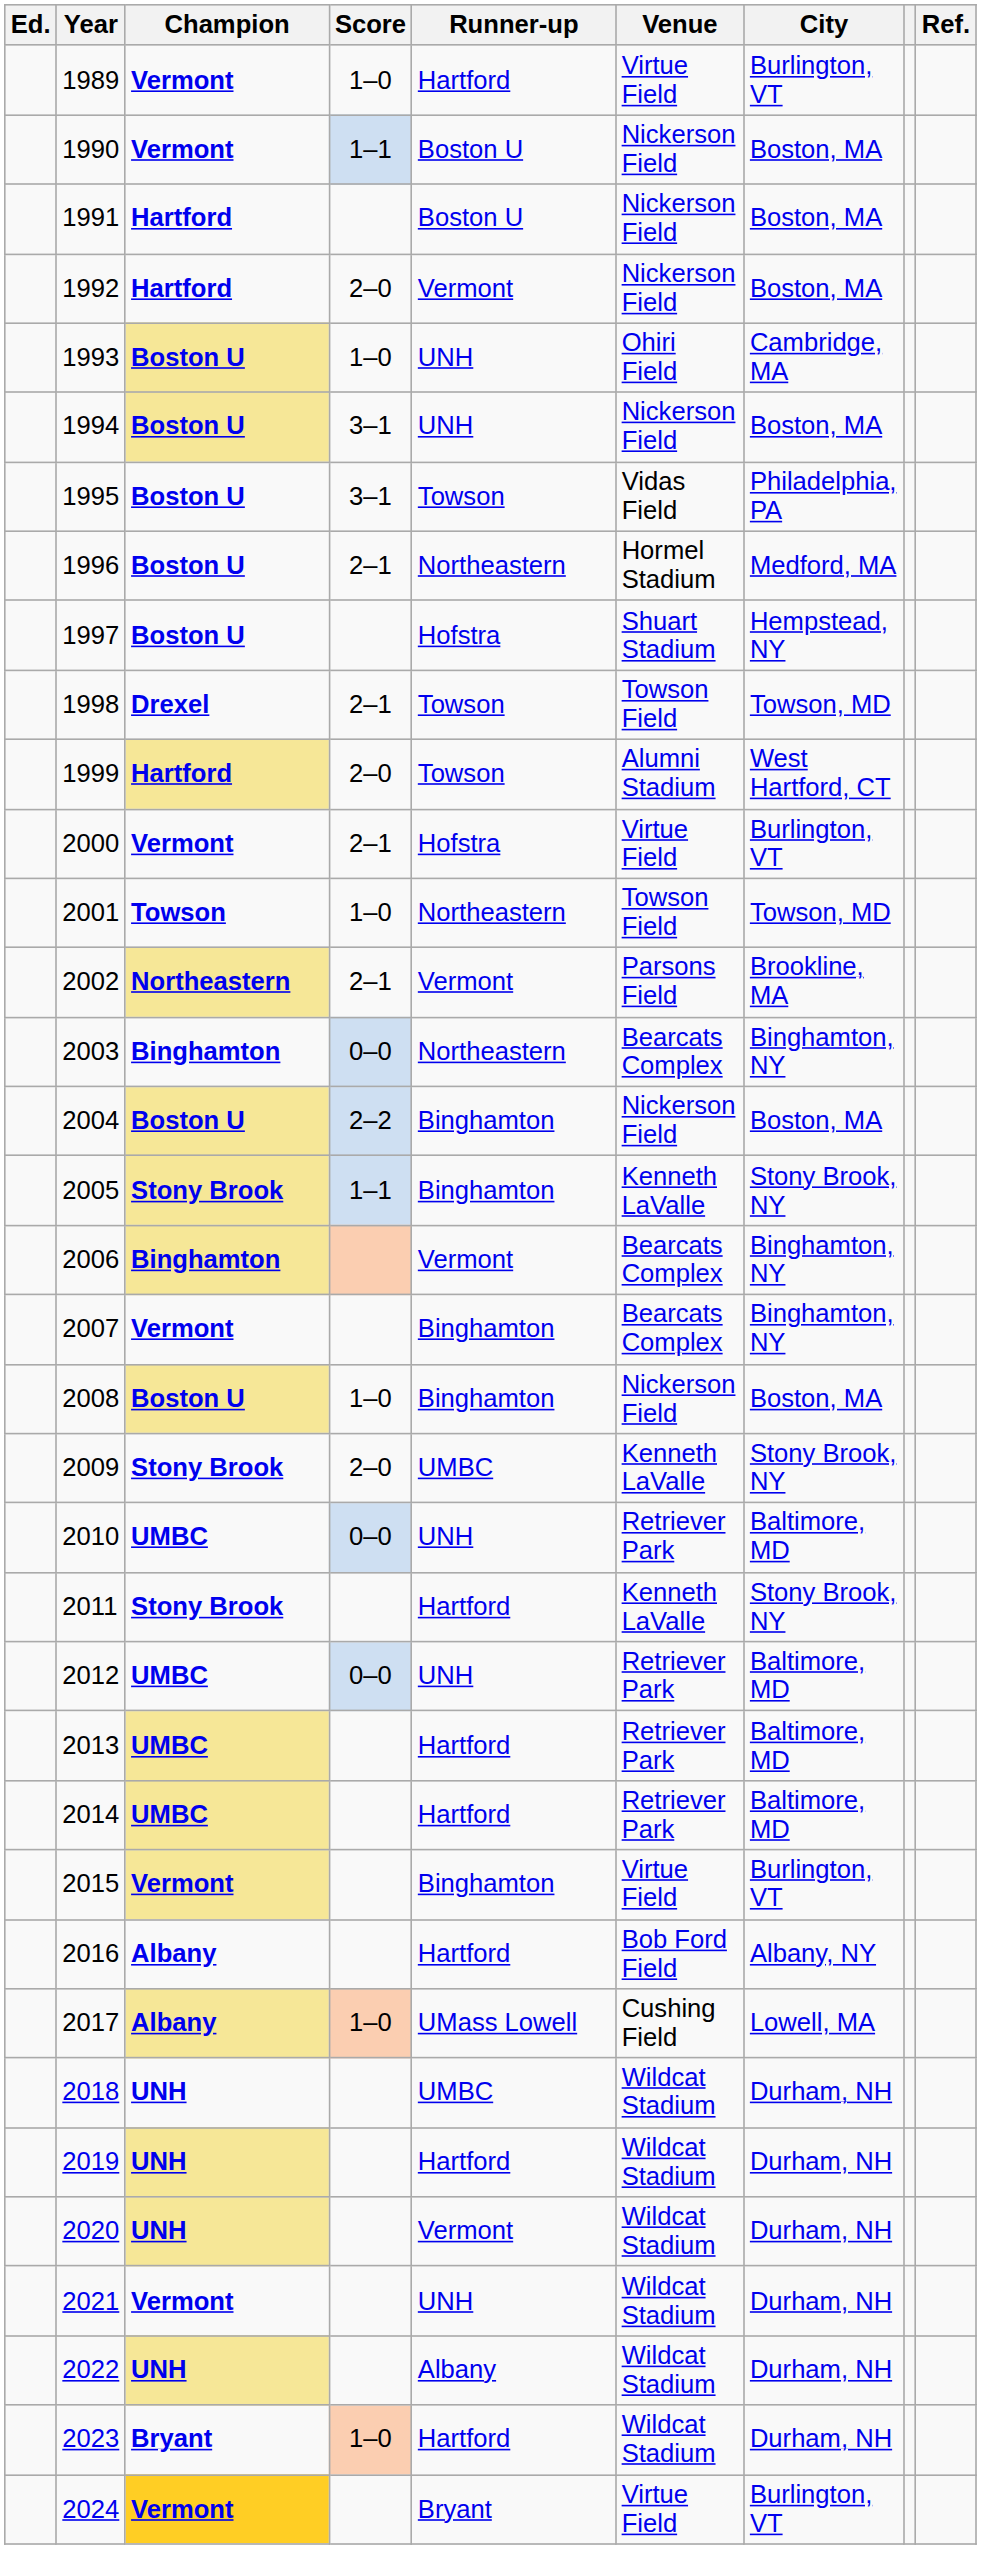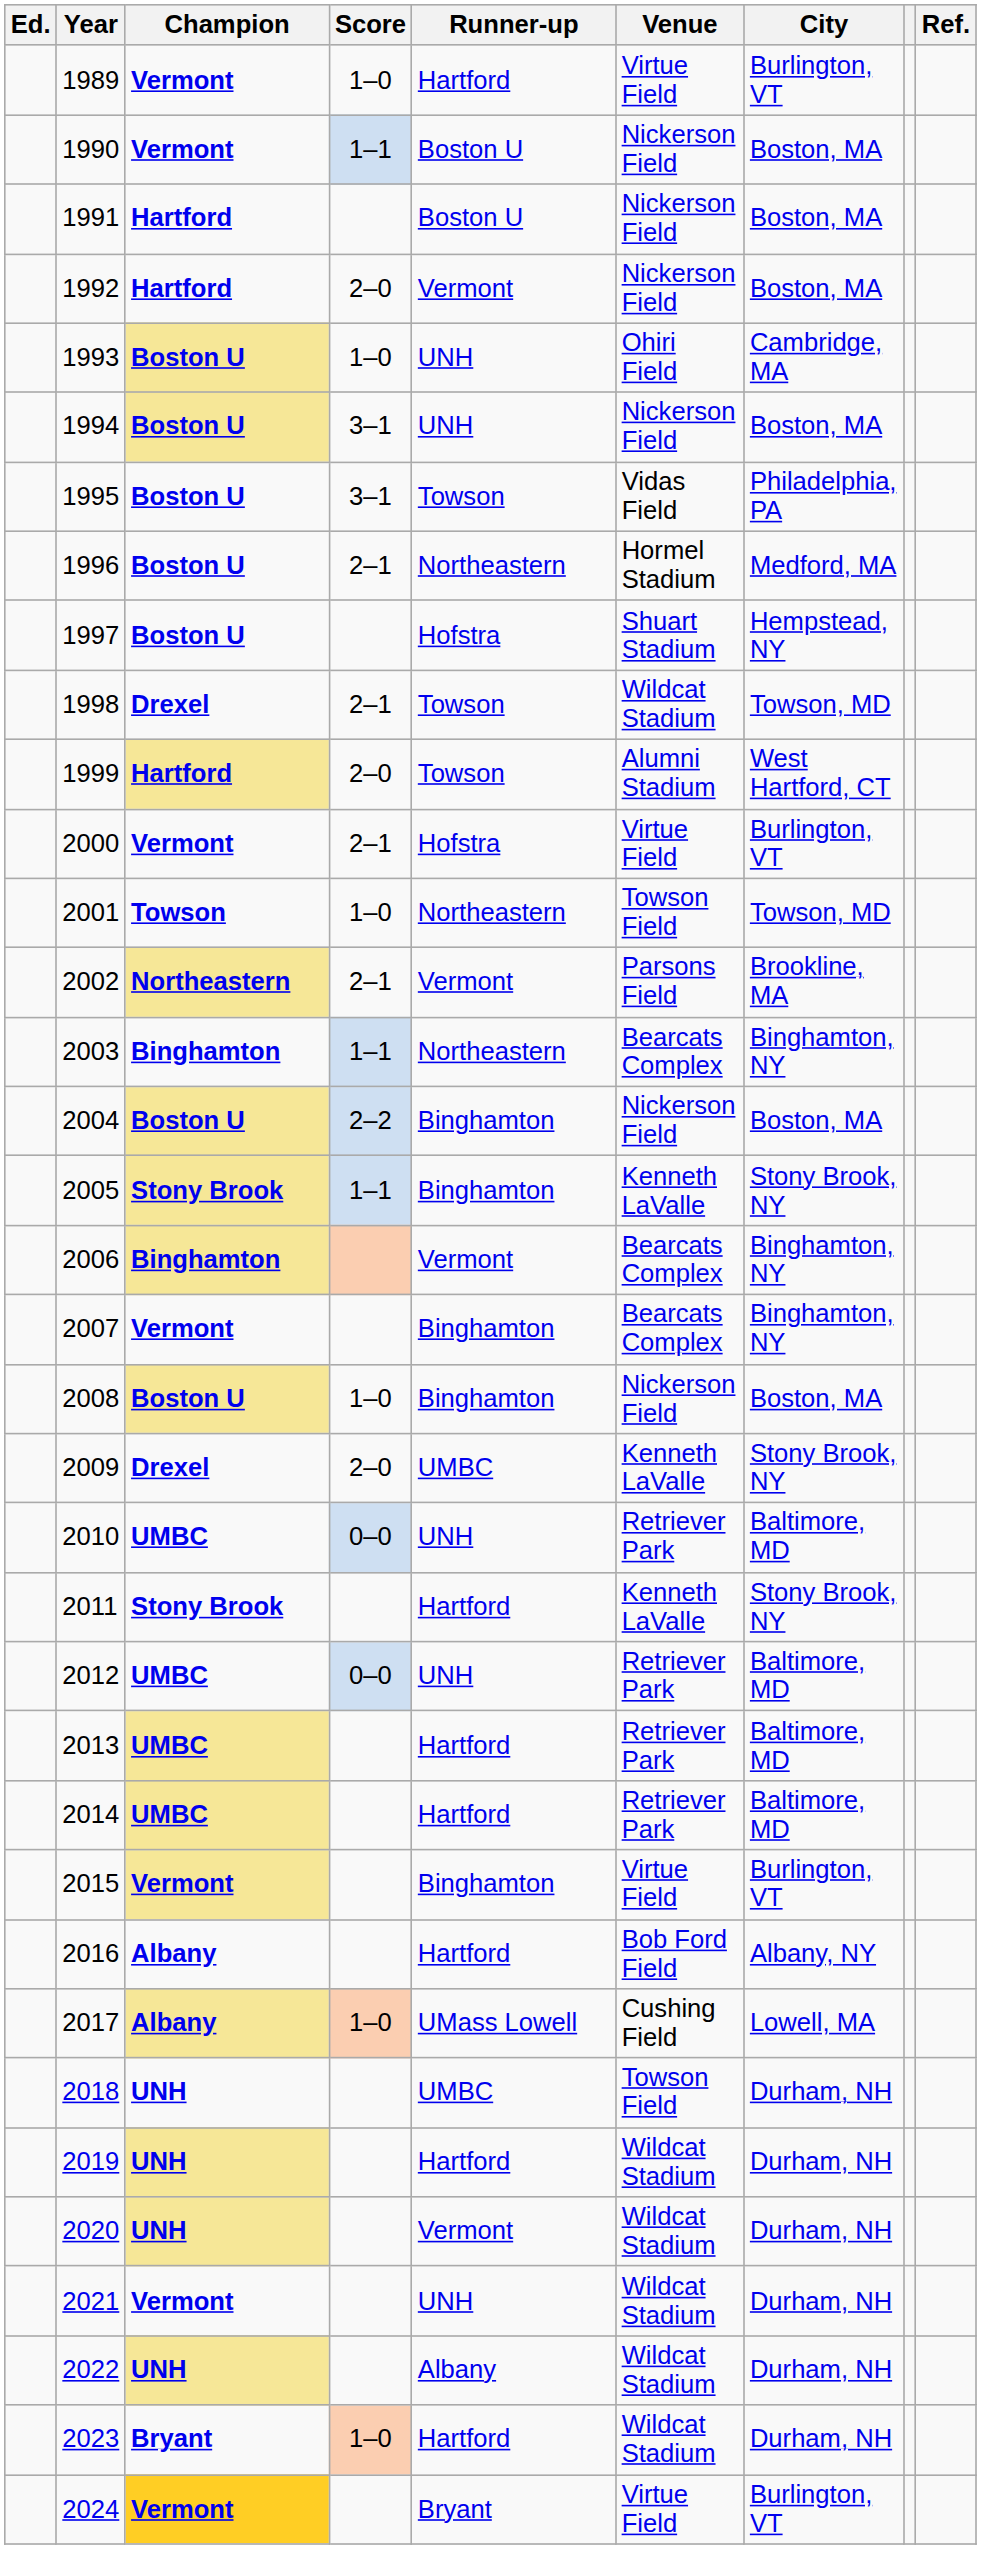 <table class="wikitable sortable; style= font-size:90%">
 <tr>
 <th width=px>Ed.</th>
 <th width=px>Year</th>
 <th width=120px>Champion</th>
 <th width=px>Score</th>
 <th width=120px>Runner-up</th>
 <th width=px>Venue</th>
 <th width=px>City</th>
 <th width=px></th>
 <th width=px>Ref.</th>
 </tr>
 <tr>
 <td></td>
 <td>1989</td>
 <td><strong><a href='#'>Vermont</a></strong> </td>
 <td align=center>1–0</td>
 <td><a href='#'>Hartford</a></td>
 <td><a href='#'>Virtue Field</a></td>
 <td><a href='#'>Burlington, VT</a></td>
 <td></td>
 <td></td>
 </tr>
 <tr>
 <td></td>
 <td>1990</td>
 <td><strong><a href='#'>Vermont</a></strong> </td>
 <td align=center style="background-color:#cedff2">1–1 </td>
 <td><a href='#'>Boston U</a></td>
 <td><a href='#'>Nickerson Field</a></td>
 <td><a href='#'>Boston, MA</a></td>
 <td></td>
 <td></td>
 </tr>
 <tr>
 <td></td>
 <td>1991</td>
 <td><strong><a href='#'>Hartford</a></strong> </td>
 <td></td>
 <td><a href='#'>Boston U</a></td>
 <td><a href='#'>Nickerson Field</a></td>
 <td><a href='#'>Boston, MA</a></td>
 <td></td>
 <td></td>
 </tr>
 <tr>
 <td></td>
 <td>1992</td>
 <td><strong><a href='#'>Hartford</a></strong> </td>
 <td align=center>2–0</td>
 <td><a href='#'>Vermont</a></td>
 <td><a href='#'>Nickerson Field</a></td>
 <td><a href='#'>Boston, MA</a></td>
 <td></td>
 <td></td>
 </tr>
 <tr>
 <td></td>
 <td>1993</td>
 <td style= background:#F6E797><strong><a href='#'>Boston U</a></strong> </td>
 <td align=center>1–0</td>
 <td><a href='#'>UNH</a></td>
 <td><a href='#'>Ohiri Field</a></td>
 <td><a href='#'>Cambridge, MA</a></td>
 <td></td>
 <td></td>
 </tr>
 <tr>
 <td></td>
 <td>1994</td>
 <td style= background:#F6E797><strong><a href='#'>Boston U</a></strong> </td>
 <td align=center>3–1</td>
 <td><a href='#'>UNH</a></td>
 <td><a href='#'>Nickerson Field</a></td>
 <td><a href='#'>Boston, MA</a></td>
 <td></td>
 <td></td>
 </tr>
 <tr>
 <td></td>
 <td>1995</td>
 <td><strong><a href='#'>Boston U</a></strong> </td>
 <td align=center>3–1</td>
 <td><a href='#'>Towson</a></td>
 <td>Vidas Field</td>
 <td><a href='#'>Philadelphia, PA</a></td>
 <td></td>
 <td></td>
 </tr>
 <tr>
 <td></td>
 <td>1996</td>
 <td><strong><a href='#'>Boston U</a></strong> </td>
 <td align=center>2–1</td>
 <td><a href='#'>Northeastern</a></td>
 <td>Hormel Stadium</td>
 <td><a href='#'>Medford, MA</a></td>
 <td></td>
 <td></td>
 </tr>
 <tr>
 <td></td>
 <td>1997</td>
 <td><strong><a href='#'>Boston U</a></strong> </td>
 <td></td>
 <td><a href='#'>Hofstra</a></td>
 <td><a href='#'>Shuart Stadium</a></td>
 <td><a href='#'>Hempstead, NY</a></td>
 <td></td>
 <td></td>
 </tr>
 <tr>
 <td></td>
 <td>1998</td>
 <td><strong><a href='#'>Drexel</a></strong> </td>
 <td align=center>2–1</td>
 <td><a href='#'>Towson</a></td>
-<td><a href='#'>Towson Field</a></td>
+<td><a href='#'>Wildcat Stadium</a></td>
 <td><a href='#'>Towson, MD</a></td>
 <td></td>
 <td></td>
 </tr>
 <tr>
 <td></td>
 <td>1999</td>
 <td style= background:#F6E797><strong><a href='#'>Hartford</a></strong> </td>
 <td align=center>2–0</td>
 <td><a href='#'>Towson</a></td>
 <td><a href='#'>Alumni Stadium</a></td>
 <td><a href='#'>West Hartford, CT</a></td>
 <td></td>
 <td></td>
 </tr>
 <tr>
 <td></td>
 <td>2000</td>
 <td><strong><a href='#'>Vermont</a></strong> </td>
 <td align=center>2–1</td>
 <td><a href='#'>Hofstra</a></td>
 <td><a href='#'>Virtue Field</a></td>
 <td><a href='#'>Burlington, VT</a></td>
 <td></td>
 <td></td>
 </tr>
 <tr>
 <td></td>
 <td>2001</td>
 <td><strong><a href='#'>Towson</a></strong> </td>
 <td align=center>1–0</td>
 <td><a href='#'>Northeastern</a></td>
 <td><a href='#'>Towson Field</a></td>
 <td><a href='#'>Towson, MD</a></td>
 <td></td>
 <td></td>
 </tr>
 <tr>
 <td></td>
 <td>2002</td>
 <td style= background:#F6E797><strong><a href='#'>Northeastern</a></strong> </td>
 <td align=center>2–1</td>
 <td><a href='#'>Vermont</a></td>
 <td><a href='#'>Parsons Field</a></td>
 <td><a href='#'>Brookline, MA</a></td>
 <td></td>
 <td></td>
 </tr>
 <tr>
 <td></td>
 <td>2003</td>
 <td><strong><a href='#'>Binghamton</a></strong> </td>
-<td align=center style="background-color:#cedff2">0–0 </td>
+<td align=center style="background-color:#cedff2">1–1 </td>
 <td><a href='#'>Northeastern</a></td>
 <td><a href='#'>Bearcats Complex</a></td>
 <td><a href='#'>Binghamton, NY</a></td>
 <td></td>
 <td></td>
 </tr>
 <tr>
 <td></td>
 <td>2004</td>
 <td style= background:#F6E797><strong><a href='#'>Boston U</a></strong> </td>
 <td align=center style="background-color:#cedff2">2–2  </td>
 <td><a href='#'>Binghamton</a></td>
 <td><a href='#'>Nickerson Field</a></td>
 <td><a href='#'>Boston, MA</a></td>
 <td></td>
 <td></td>
 </tr>
 <tr>
 <td></td>
 <td>2005</td>
 <td style= background:#F6E797><strong><a href='#'>Stony Brook</a></strong> </td>
 <td align=center style="background-color:#cedff2">1–1 </td>
 <td><a href='#'>Binghamton</a></td>
 <td><a href='#'>Kenneth LaValle</a></td>
 <td><a href='#'>Stony Brook, NY</a></td>
 <td></td>
 <td></td>
 </tr>
 <tr>
 <td></td>
 <td>2006</td>
 <td style= background:#F6E797><strong><a href='#'>Binghamton</a></strong> </td>
 <td style="background-color:#FBCEB1"></td>
 <td><a href='#'>Vermont</a></td>
 <td><a href='#'>Bearcats Complex</a></td>
 <td><a href='#'>Binghamton, NY</a></td>
 <td></td>
 <td></td>
 </tr>
 <tr>
 <td></td>
 <td>2007</td>
 <td><strong><a href='#'>Vermont</a></strong> </td>
 <td></td>
 <td><a href='#'>Binghamton</a></td>
 <td><a href='#'>Bearcats Complex</a></td>
 <td><a href='#'>Binghamton, NY</a></td>
 <td></td>
 <td></td>
 </tr>
 <tr>
 <td></td>
 <td>2008</td>
 <td style= background:#F6E797><strong><a href='#'>Boston U</a></strong> </td>
 <td align=center>1–0</td>
 <td><a href='#'>Binghamton</a></td>
 <td><a href='#'>Nickerson Field</a></td>
 <td><a href='#'>Boston, MA</a></td>
 <td></td>
 <td></td>
 </tr>
 <tr>
 <td></td>
 <td>2009</td>
-<td><strong><a href='#'>Stony Brook</a></strong> </td>
+<td><strong><a href='#'>Drexel</a></strong> </td>
 <td align=center>2–0</td>
 <td><a href='#'>UMBC</a></td>
 <td><a href='#'>Kenneth LaValle</a></td>
 <td><a href='#'>Stony Brook, NY</a></td>
 <td></td>
 <td></td>
 </tr>
 <tr>
 <td></td>
 <td>2010</td>
 <td><strong><a href='#'>UMBC</a></strong></td>
 <td align=center style="background-color:#cedff2">0–0 </td>
 <td><a href='#'>UNH</a></td>
 <td><a href='#'>Retriever Park</a></td>
 <td><a href='#'>Baltimore, MD</a></td>
 <td></td>
 <td></td>
 </tr>
 <tr>
 <td></td>
 <td>2011</td>
 <td><strong><a href='#'>Stony Brook</a></strong> </td>
 <td></td>
 <td><a href='#'>Hartford</a></td>
 <td><a href='#'>Kenneth LaValle</a></td>
 <td><a href='#'>Stony Brook, NY</a></td>
 <td></td>
 <td></td>
 </tr>
 <tr>
 <td></td>
 <td>2012</td>
 <td><strong><a href='#'>UMBC</a></strong> </td>
 <td align=center style="background-color:#cedff2">0–0 </td>
 <td><a href='#'>UNH</a></td>
 <td><a href='#'>Retriever Park</a></td>
 <td><a href='#'>Baltimore, MD</a></td>
 <td></td>
 <td></td>
 </tr>
 <tr>
 <td></td>
 <td>2013</td>
 <td style= background:#F6E797><strong><a href='#'>UMBC</a></strong> </td>
 <td></td>
 <td><a href='#'>Hartford</a></td>
 <td><a href='#'>Retriever Park</a></td>
 <td><a href='#'>Baltimore, MD</a></td>
 <td></td>
 <td align=center></td>
 </tr>
 <tr>
 <td></td>
 <td>2014</td>
 <td style= background:#F6E797><strong><a href='#'>UMBC</a></strong> </td>
 <td></td>
 <td><a href='#'>Hartford</a></td>
 <td><a href='#'>Retriever Park</a></td>
 <td><a href='#'>Baltimore, MD</a></td>
 <td></td>
 <td align=center></td>
 </tr>
 <tr>
 <td></td>
 <td>2015</td>
 <td style= background:#F6E797><strong><a href='#'>Vermont</a></strong> </td>
 <td></td>
 <td><a href='#'>Binghamton</a></td>
 <td><a href='#'>Virtue Field</a></td>
 <td><a href='#'>Burlington, VT</a></td>
 <td></td>
 <td align=center></td>
 </tr>
 <tr>
 <td></td>
 <td>2016</td>
 <td><strong><a href='#'>Albany</a></strong> </td>
 <td></td>
 <td><a href='#'>Hartford</a></td>
 <td><a href='#'>Bob Ford Field</a></td>
 <td><a href='#'>Albany, NY</a></td>
 <td></td>
 <td></td>
 </tr>
 <tr>
 <td></td>
 <td>2017</td>
 <td style= background:#F6E797><strong><a href='#'>Albany</a></strong> </td>
 <td align=center style="background-color:#FBCEB1">1–0 </td>
 <td><a href='#'>UMass Lowell</a></td>
 <td>Cushing Field</td>
 <td><a href='#'>Lowell, MA</a></td>
 <td></td>
 <td align=center></td>
 </tr>
 <tr>
 <td></td>
 <td><a href='#'>2018</a></td>
 <td><strong><a href='#'>UNH</a></strong> </td>
 <td></td>
 <td><a href='#'>UMBC</a></td>
-<td><a href='#'>Wildcat Stadium</a></td>
+<td><a href='#'>Towson Field</a></td>
 <td><a href='#'>Durham, NH</a></td>
 <td></td>
 <td align=center></td>
 </tr>
 <tr>
 <td></td>
 <td><a href='#'>2019</a></td>
 <td style= background:#F6E797><strong><a href='#'>UNH</a></strong> </td>
 <td></td>
 <td><a href='#'>Hartford</a></td>
 <td><a href='#'>Wildcat Stadium</a></td>
 <td><a href='#'>Durham, NH</a></td>
 <td></td>
 <td align=center></td>
 </tr>
 <tr>
 <td></td>
 <td><a href='#'>2020</a></td>
 <td style= background:#F6E797><strong><a href='#'>UNH</a></strong> </td>
 <td></td>
 <td><a href='#'>Vermont</a></td>
 <td><a href='#'>Wildcat Stadium</a></td>
 <td><a href='#'>Durham, NH</a></td>
 <td></td>
 <td align=center></td>
 </tr>
 <tr>
 <td></td>
 <td><a href='#'>2021</a></td>
 <td><strong><a href='#'>Vermont</a></strong> </td>
 <td></td>
 <td><a href='#'>UNH</a></td>
 <td><a href='#'>Wildcat Stadium</a></td>
 <td><a href='#'>Durham, NH</a></td>
 <td></td>
 <td align=center></td>
 </tr>
 <tr>
 <td></td>
 <td><a href='#'>2022</a></td>
 <td style= background:#F6E797><strong><a href='#'>UNH</a></strong> </td>
 <td></td>
 <td><a href='#'>Albany</a></td>
 <td><a href='#'>Wildcat Stadium</a></td>
 <td><a href='#'>Durham, NH</a></td>
 <td></td>
 <td align=center></td>
 </tr>
 <tr>
 <td></td>
 <td><a href='#'>2023</a></td>
 <td><strong><a href='#'>Bryant</a></strong> </td>
 <td align=center style="background-color:#FBCEB1">1–0 </td>
 <td><a href='#'>Hartford</a></td>
 <td><a href='#'>Wildcat Stadium</a></td>
 <td><a href='#'>Durham, NH</a></td>
 <td></td>
 <td align=center></td>
 </tr>
 <tr>
 <td></td>
 <td><a href='#'>2024</a></td>
 <td bgcolor=#FFCE24><strong><a href='#'>Vermont</a></strong> </td>
 <td></td>
 <td><a href='#'>Bryant</a></td>
 <td><a href='#'>Virtue Field</a></td>
 <td><a href='#'>Burlington, VT</a></td>
 <td></td>
 <td></td>
 </tr>
 </table>
